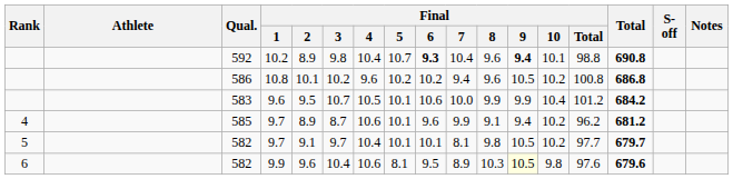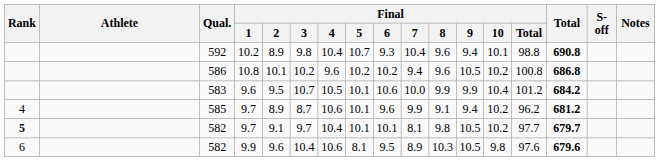 <table class="wikitable" style="text-align:center">
 <tr>
 <th rowspan=2 width=40>Rank</th>
 <th rowspan=2 width=250>Athlete</th>
 <th rowspan=2 width=40>Qual.</th>
 <th colspan=11>Final</th>
 <th rowspan=2 width=50>Total</th>
 <th rowspan=2 width=35>S-off</th>
 <th rowspan=2 width=45>Notes</th>
 </tr>
 <tr>
 <th width=30>1</th>
 <th width=30>2</th>
 <th width=30>3</th>
 <th width=30>4</th>
 <th width=30>5</th>
 <th width=30>6</th>
 <th width=30>7</th>
 <th width=30>8</th>
 <th width=30>9</th>
 <th width=30>10</th>
 <th width=40>Total</th>
 </tr>
 <tr>
 <td></td>
 <td align=left></td>
 <td>592</td>
 <td>10.2</td>
 <td>8.9</td>
 <td>9.8</td>
 <td>10.4</td>
 <td>10.7</td>
-<td><strong>9.3</strong></td>
+<td>9.3</td>
 <td>10.4</td>
 <td>9.6</td>
-<td><strong>9.4</strong></td>
+<td>9.4</td>
 <td>10.1</td>
 <td>98.8</td>
 <td><strong>690.8</strong></td>
 <td></td>
 <td></td>
 </tr>
 <tr>
 <td></td>
 <td align=left></td>
 <td>586</td>
 <td>10.8</td>
 <td>10.1</td>
 <td>10.2</td>
 <td>9.6</td>
 <td>10.2</td>
 <td>10.2</td>
 <td>9.4</td>
 <td>9.6</td>
 <td>10.5</td>
 <td>10.2</td>
 <td>100.8</td>
 <td><strong>686.8</strong></td>
 <td></td>
 <td></td>
 </tr>
 <tr>
 <td></td>
 <td align=left></td>
 <td>583</td>
 <td>9.6</td>
 <td>9.5</td>
 <td>10.7</td>
 <td>10.5</td>
 <td>10.1</td>
 <td>10.6</td>
 <td>10.0</td>
 <td>9.9</td>
 <td>9.9</td>
 <td>10.4</td>
 <td>101.2</td>
 <td><strong>684.2</strong></td>
 <td></td>
 <td></td>
 </tr>
 <tr>
 <td>4</td>
 <td align=left></td>
 <td>585</td>
 <td>9.7</td>
 <td>8.9</td>
 <td>8.7</td>
 <td>10.6</td>
 <td>10.1</td>
 <td>9.6</td>
 <td>9.9</td>
 <td>9.1</td>
 <td>9.4</td>
 <td>10.2</td>
 <td>96.2</td>
 <td><strong>681.2</strong></td>
 <td></td>
 <td></td>
 </tr>
 <tr>
-<td>5</td>
+<td><strong>5</strong></td>
 <td align=left></td>
 <td>582</td>
 <td>9.7</td>
 <td>9.1</td>
 <td>9.7</td>
 <td>10.4</td>
 <td>10.1</td>
 <td>10.1</td>
 <td>8.1</td>
 <td>9.8</td>
 <td>10.5</td>
 <td>10.2</td>
 <td>97.7</td>
 <td><strong>679.7</strong></td>
 <td></td>
 <td></td>
 </tr>
 <tr>
 <td>6</td>
 <td align=left></td>
 <td>582</td>
 <td>9.9</td>
 <td>9.6</td>
 <td>10.4</td>
 <td>10.6</td>
 <td>8.1</td>
 <td>9.5</td>
 <td>8.9</td>
 <td>10.3</td>
-<td style="background: lightyellow;">10.5</td>
+<td>10.5</td>
 <td>9.8</td>
 <td>97.6</td>
 <td><strong>679.6</strong></td>
 <td></td>
 <td></td>
 </tr>
 </table>
